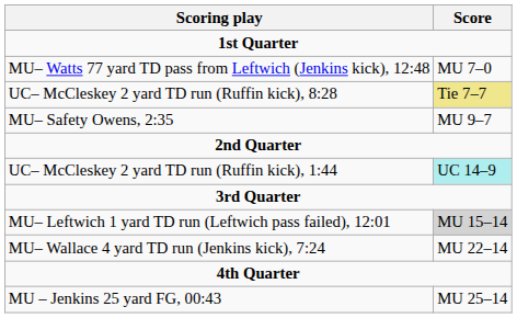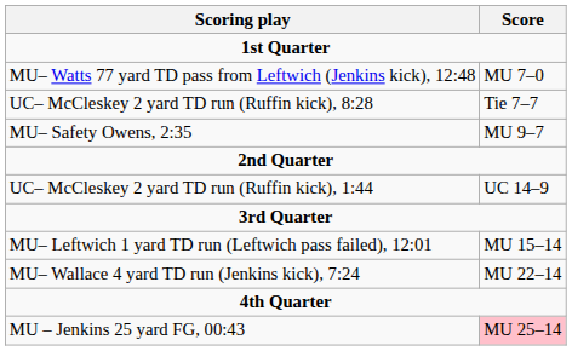 <table class="wikitable">
 <tr>
 <th>Scoring play</th>
 <th>Score</th>
 </tr>
 <tr>
 <td colspan="4" align="center"><strong>1st Quarter</strong></td>
 </tr>
 <tr>
 <td>MU– <a href='#'>Watts</a> 77 yard TD pass from <a href='#'>Leftwich</a> (<a href='#'>Jenkins</a> kick), 12:48</td>
 <td>MU 7–0</td>
 </tr>
 <tr>
 <td>UC– McCleskey 2 yard TD run (Ruffin kick), 8:28</td>
-<td style="background: khaki;">Tie 7–7</td>
+<td>Tie 7–7</td>
 </tr>
 <tr>
 <td>MU– Safety Owens, 2:35</td>
 <td>MU 9–7</td>
 </tr>
 <tr>
 <td colspan="4" align="center"><strong>2nd Quarter</strong></td>
 </tr>
 <tr>
 <td>UC– McCleskey 2 yard TD run (Ruffin kick), 1:44</td>
-<td style="background: paleturquoise;">UC 14–9</td>
+<td>UC 14–9</td>
 </tr>
 <tr>
 <td colspan="4" align="center"><strong>3rd Quarter</strong></td>
 </tr>
 <tr>
 <td>MU– Leftwich 1 yard TD run (Leftwich pass failed), 12:01</td>
-<td style="background: lightgrey;">MU 15–14</td>
+<td>MU 15–14</td>
 </tr>
 <tr>
 <td>MU– Wallace 4 yard TD run (Jenkins kick), 7:24</td>
 <td>MU 22–14</td>
 </tr>
 <tr>
 <td colspan="4" align="center"><strong>4th Quarter</strong></td>
 </tr>
 <tr>
 <td>MU – Jenkins 25 yard FG, 00:43</td>
-<td>MU 25–14</td>
+<td style="background: pink;">MU 25–14</td>
 </tr>
 </table>
